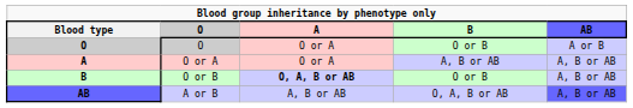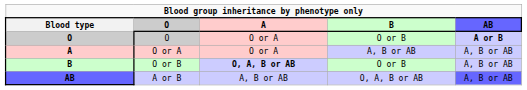 <table class="wikitable" style="border:darkgrey; float:right; margin-left:20px; text-align:center;">
 <tr>
 <td colspan="5"><strong>Blood group inheritance by phenotype only</strong></td>
 </tr>
 <tr>
 <th scope="col"  style="width:200px; border-top:2px solid black; border-left:2px solid black;">Blood type</th>
 <th scope="col"  style="width:100px; background:#ccc; border-top:2px solid black; border-bottom:2px solid black;"><strong>O</strong></th>
 <th scope="col"  style="width:200px; background:#fcc; border-top:2px solid black; border-bottom:2px solid black;"><strong>A</strong></th>
 <th scope="col"  style="width:200px; background:#cfc; border-top:2px solid black; border-bottom:2px solid black;"><strong>B</strong></th>
 <th scope="col"  style="width:100px; background:#66f; border-top:2px solid black; border-bottom:2px solid black; border-right:2px solid black;"><strong>AB</strong></th>
 </tr>
 <tr>
 <td style="background:#ccc; border-left:2px solid black; border-right:2px solid black;"><strong>O</strong></td>
 <td style="background:#ccc;">O</td>
 <td style="background:#fcc;">O or A</td>
 <td style="background:#cfc;">O or B</td>
-<td style="background:#ccf;">A or B</td>
+<td style="background:#ccf;"><strong>A or B</strong></td>
 </tr>
 <tr>
 <td style="background:#fcc; border-left:2px solid black; border-right:2px solid black;"><strong>A</strong></td>
 <td style="background:#fcc;">O or A</td>
 <td style="background:#fcc;">O or A</td>
 <td style="background:#ccf;">A, B or AB</td>
 <td style="background:#ccf;">A, B or AB</td>
 </tr>
 <tr>
 <td style="background:#cfc; border-left:2px solid black; border-right:2px solid black;"><strong>B</strong></td>
 <td style="background:#cfc;">O or B</td>
 <td style="background:#ccf;"><strong>O, A, B or AB</strong></td>
 <td style="background:#cfc;">O or B</td>
 <td style="background:#ccf;">A, B or AB</td>
 </tr>
 <tr>
 <td style="background:#66f; border-left:2px solid black; border-right:2px solid black; border-bottom:2px solid black;"><strong>AB</strong></td>
 <td style="background:#ccf;">A or B</td>
 <td style="background:#ccf;">A, B or AB</td>
 <td style="background:#ccf;">O, A, B or AB</td>
 <td style="background:#66f;">A, B or AB</td>
 </tr>
 </table>
